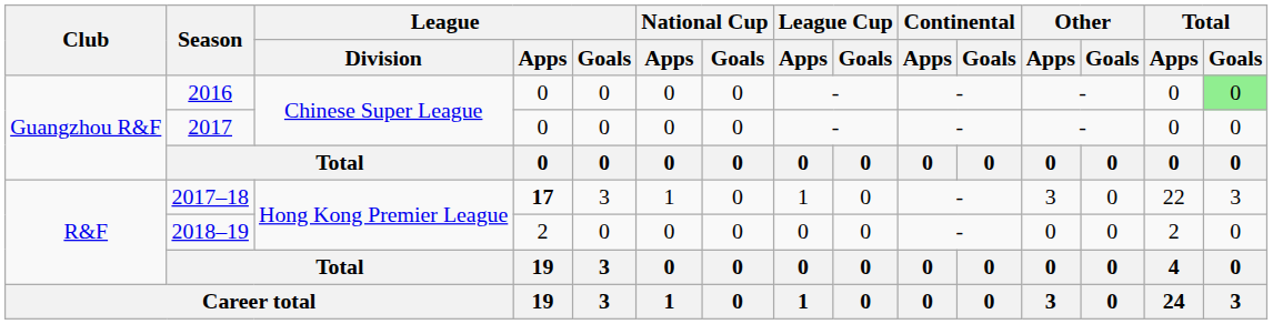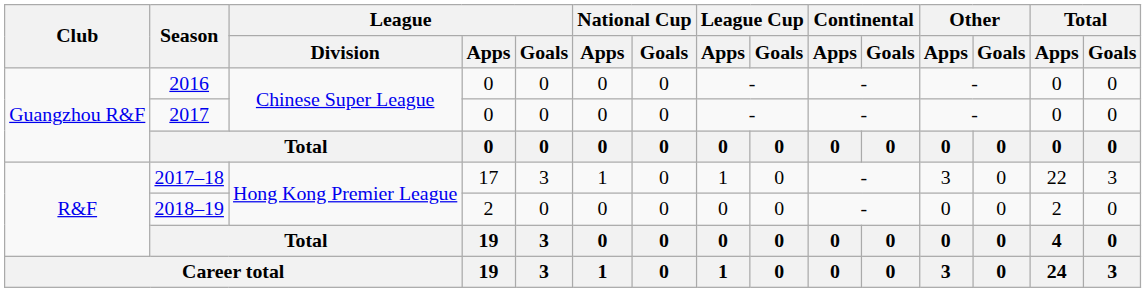 <table class="wikitable" style="text-align: center">
 <tr>
 <th rowspan="2">Club</th>
 <th rowspan="2">Season</th>
 <th colspan="3">League</th>
 <th colspan="2">National Cup</th>
 <th colspan="2">League Cup</th>
 <th colspan="2">Continental</th>
 <th colspan="2">Other</th>
 <th colspan="2">Total</th>
 </tr>
 <tr>
 <th>Division</th>
 <th>Apps</th>
 <th>Goals</th>
 <th>Apps</th>
 <th>Goals</th>
 <th>Apps</th>
 <th>Goals</th>
 <th>Apps</th>
 <th>Goals</th>
 <th>Apps</th>
 <th>Goals</th>
 <th>Apps</th>
 <th>Goals</th>
 </tr>
 <tr>
 <td rowspan="3"><a href='#'>Guangzhou R&F</a></td>
 <td><a href='#'>2016</a></td>
 <td rowspan="2"><a href='#'>Chinese Super League</a></td>
 <td>0</td>
 <td>0</td>
 <td>0</td>
 <td>0</td>
 <td colspan="2">-</td>
 <td colspan="2">-</td>
 <td colspan="2">-</td>
 <td>0</td>
-<td style="background: lightgreen;">0</td>
+<td>0</td>
 </tr>
 <tr>
 <td><a href='#'>2017</a></td>
 <td>0</td>
 <td>0</td>
 <td>0</td>
 <td>0</td>
 <td colspan="2">-</td>
 <td colspan="2">-</td>
 <td colspan="2">-</td>
 <td>0</td>
 <td>0</td>
 </tr>
 <tr>
 <th colspan="2"><strong>Total</strong></th>
 <th>0</th>
 <th>0</th>
 <th>0</th>
 <th>0</th>
 <th>0</th>
 <th>0</th>
 <th>0</th>
 <th>0</th>
 <th>0</th>
 <th>0</th>
 <th>0</th>
 <th>0</th>
 </tr>
 <tr>
 <td rowspan="3"><a href='#'>R&F</a></td>
 <td><a href='#'>2017–18</a></td>
 <td rowspan="2"><a href='#'>Hong Kong Premier League</a></td>
-<td><strong>17</strong></td>
+<td>17</td>
 <td>3</td>
 <td>1</td>
 <td>0</td>
 <td>1</td>
 <td>0</td>
 <td colspan="2">-</td>
 <td>3</td>
 <td>0</td>
 <td>22</td>
 <td>3</td>
 </tr>
 <tr>
 <td><a href='#'>2018–19</a></td>
 <td>2</td>
 <td>0</td>
 <td>0</td>
 <td>0</td>
 <td>0</td>
 <td>0</td>
 <td colspan="2">-</td>
 <td>0</td>
 <td>0</td>
 <td>2</td>
 <td>0</td>
 </tr>
 <tr>
 <th colspan="2"><strong>Total</strong></th>
 <th>19</th>
 <th>3</th>
 <th>0</th>
 <th>0</th>
 <th>0</th>
 <th>0</th>
 <th>0</th>
 <th>0</th>
 <th>0</th>
 <th>0</th>
 <th>4</th>
 <th>0</th>
 </tr>
 <tr>
 <th colspan=3>Career total</th>
 <th>19</th>
 <th>3</th>
 <th>1</th>
 <th>0</th>
 <th>1</th>
 <th>0</th>
 <th>0</th>
 <th>0</th>
 <th>3</th>
 <th>0</th>
 <th>24</th>
 <th>3</th>
 </tr>
 </table>
